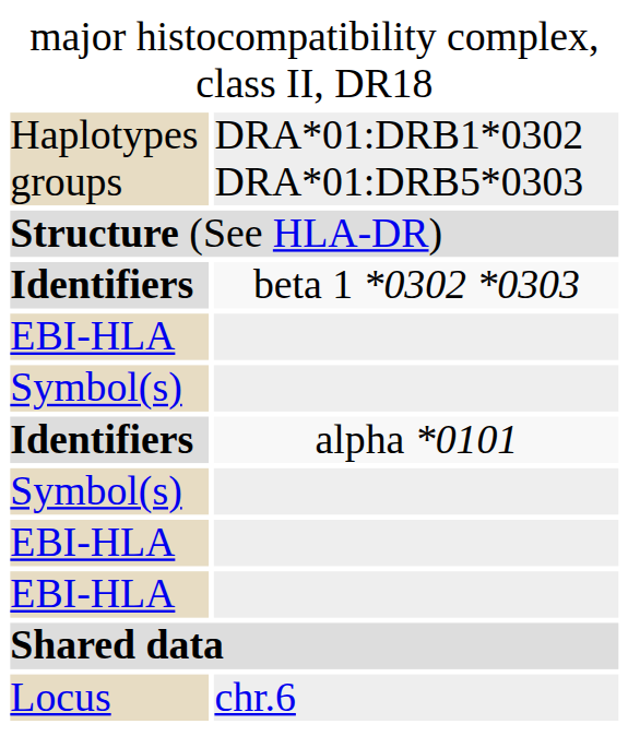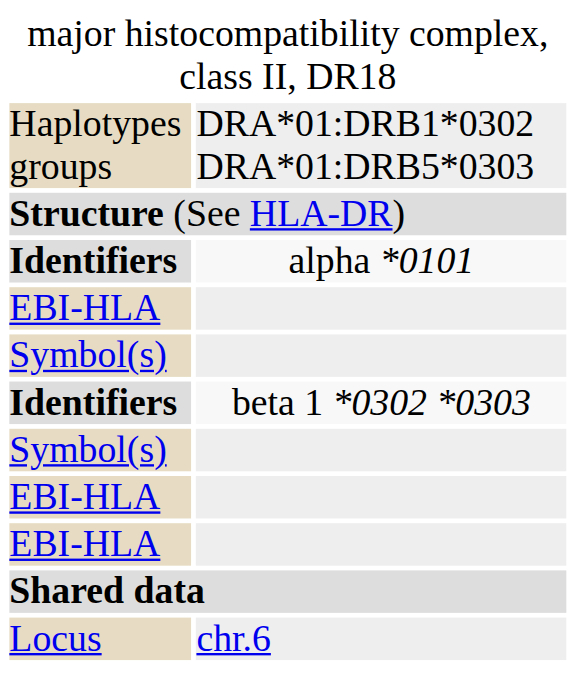 <table id="drugInfoBox" style="float: right; clear: right; margin: 0 0 0.5em 1em; background: #ffffff;" class="toccolours" border=0 cellpadding=0 align=right width="240px">
 <tr>
 <td align="center" colspan="2"></td>
 </tr>
 <tr>
 <td align="center" colspan="2"><div>major histocompatibility complex, class II, DR18</div></td>
 </tr>
 <tr>
 <td bgcolor="#e7dcc3">Haplotypes groups</td>
 <td bgcolor="#eeeeee">DRA*01:DRB1*0302 DRA*01:DRB5*0303</td>
 </tr>
 <tr>
 <td colspan="2" bgcolor="#dddddd"><strong>Structure</strong> (See <a href='#'>HLA-DR</a>)</td>
 </tr>
 <tr style="background:#f8f8f8">
 <td bgcolor="#dddddd"><strong>Identifiers</strong></td>
-<td align="center"><div>beta 1 <em>*0302</em> <em>*0303</em> </div></td>
+<td align="center"><div>alpha <em>*0101</em></div></td>
 </tr>
 <tr>
 <td bgcolor="#e7dcc3"><a href='#'>EBI-HLA</a></td>
 <td bgcolor="#eeeeee"></td>
 </tr>
 <tr>
 <td bgcolor="#e7dcc3"><a href='#'>Symbol(s)</a></td>
 <td bgcolor="#eeeeee"></td>
 </tr>
 <tr style="background:#f8f8f8">
 <td bgcolor="#dddddd"><strong>Identifiers</strong></td>
-<td align="center"><div>alpha <em>*0101</em></div></td>
+<td align="center"><div>beta 1 <em>*0302</em> <em>*0303</em> </div></td>
 </tr>
 <tr>
 <td bgcolor="#e7dcc3"><a href='#'>Symbol(s)</a></td>
 <td bgcolor="#eeeeee"></td>
 </tr>
 <tr>
 <td bgcolor="#e7dcc3"><a href='#'>EBI-HLA</a></td>
 <td bgcolor="#eeeeee"></td>
 </tr>
 <tr>
 <td bgcolor="#e7dcc3"><a href='#'>EBI-HLA</a></td>
 <td bgcolor="#eeeeee"></td>
 </tr>
 <tr>
 <td colspan="2" bgcolor="#dddddd"><strong>Shared data</strong></td>
 </tr>
 <tr>
 <td bgcolor="#e7dcc3"><a href='#'>Locus</a></td>
 <td bgcolor="#eeeeee"><a href='#'>chr.6</a> <em></em></td>
 </tr>
 <tr>
 </tr>
 </table>
